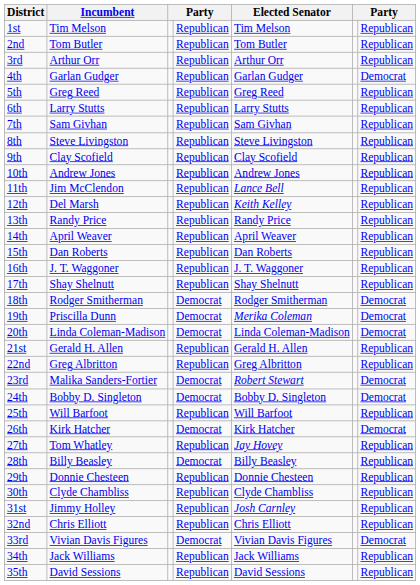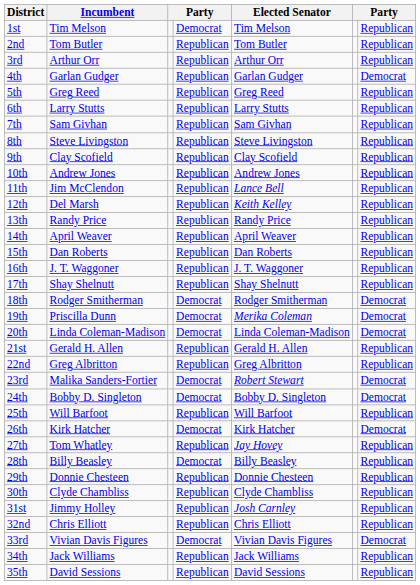 <table class="sortable wikitable" style="font-size:95%;line-height:14px;">
 <tr>
 <th colspan="1" class="unsortable">District</th>
 <th class="unsortable"><a href='#'>Incumbent</a></th>
 <th colspan="2">Party</th>
 <th class="unsortable">Elected Senator</th>
 <th colspan="2">Party</th>
 </tr>
 <tr>
 <td><a href='#'>1st</a></td>
 <td><a href='#'>Tim Melson</a></td>
 <td style="background:"></td>
-<td><a href='#'>Republican</a></td>
+<td><a href='#'>Democrat</a></td>
 <td><a href='#'>Tim Melson</a></td>
 <td style="background:"></td>
 <td><a href='#'>Republican</a></td>
 </tr>
 <tr>
 <td><a href='#'>2nd</a></td>
 <td><a href='#'>Tom Butler</a></td>
 <td style="background:"></td>
 <td><a href='#'>Republican</a></td>
 <td><a href='#'>Tom Butler</a></td>
 <td style="background:"></td>
 <td><a href='#'>Republican</a></td>
 </tr>
 <tr>
 <td><a href='#'>3rd</a></td>
 <td><a href='#'>Arthur Orr</a></td>
 <td style="background:"></td>
 <td><a href='#'>Republican</a></td>
 <td><a href='#'>Arthur Orr</a></td>
 <td style="background:"></td>
 <td><a href='#'>Republican</a></td>
 </tr>
 <tr>
 <td><a href='#'>4th</a></td>
 <td><a href='#'>Garlan Gudger</a></td>
 <td style="background:"></td>
 <td><a href='#'>Republican</a></td>
 <td><a href='#'>Garlan Gudger</a></td>
 <td style="background:"></td>
 <td><a href='#'>Democrat</a></td>
 </tr>
 <tr>
 <td><a href='#'>5th</a></td>
 <td><a href='#'>Greg Reed</a></td>
 <td style="background:"></td>
 <td><a href='#'>Republican</a></td>
 <td><a href='#'>Greg Reed</a></td>
 <td style="background:"></td>
 <td><a href='#'>Republican</a></td>
 </tr>
 <tr>
 <td><a href='#'>6th</a></td>
 <td><a href='#'>Larry Stutts</a></td>
 <td style="background:"></td>
 <td><a href='#'>Republican</a></td>
 <td><a href='#'>Larry Stutts</a></td>
 <td style="background:"></td>
 <td><a href='#'>Republican</a></td>
 </tr>
 <tr>
 <td><a href='#'>7th</a></td>
 <td><a href='#'>Sam Givhan</a></td>
 <td style="background:"></td>
 <td><a href='#'>Republican</a></td>
 <td><a href='#'>Sam Givhan</a></td>
 <td style="background:"></td>
 <td><a href='#'>Republican</a></td>
 </tr>
 <tr>
 <td><a href='#'>8th</a></td>
 <td><a href='#'>Steve Livingston</a></td>
 <td style="background:"></td>
 <td><a href='#'>Republican</a></td>
 <td><a href='#'>Steve Livingston</a></td>
 <td style="background:"></td>
 <td><a href='#'>Republican</a></td>
 </tr>
 <tr>
 <td><a href='#'>9th</a></td>
 <td><a href='#'>Clay Scofield</a></td>
 <td style="background:"></td>
 <td><a href='#'>Republican</a></td>
 <td><a href='#'>Clay Scofield</a></td>
 <td style="background:"></td>
 <td><a href='#'>Republican</a></td>
 </tr>
 <tr>
 <td><a href='#'>10th</a></td>
 <td><a href='#'>Andrew Jones</a></td>
 <td style="background:"></td>
 <td><a href='#'>Republican</a></td>
 <td><a href='#'>Andrew Jones</a></td>
 <td style="background:"></td>
 <td><a href='#'>Republican</a></td>
 </tr>
 <tr>
 <td><a href='#'>11th</a></td>
 <td><a href='#'>Jim McClendon</a></td>
 <td style="background:"></td>
 <td><a href='#'>Republican</a></td>
 <td><em><a href='#'>Lance Bell</a></em></td>
 <td style="background:"></td>
 <td><a href='#'>Republican</a></td>
 </tr>
 <tr>
 <td><a href='#'>12th</a></td>
 <td><a href='#'>Del Marsh</a></td>
 <td style="background:"></td>
 <td><a href='#'>Republican</a></td>
 <td><em><a href='#'>Keith Kelley</a></em></td>
 <td style="background:"></td>
 <td><a href='#'>Republican</a></td>
 </tr>
 <tr>
 <td><a href='#'>13th</a></td>
 <td><a href='#'>Randy Price</a></td>
 <td style="background:"></td>
 <td><a href='#'>Republican</a></td>
 <td><a href='#'>Randy Price</a></td>
 <td style="background:"></td>
 <td><a href='#'>Republican</a></td>
 </tr>
 <tr>
 <td><a href='#'>14th</a></td>
 <td><a href='#'>April Weaver</a></td>
 <td style="background:"></td>
 <td><a href='#'>Republican</a></td>
 <td><a href='#'>April Weaver</a></td>
 <td style="background:"></td>
 <td><a href='#'>Republican</a></td>
 </tr>
 <tr>
 <td><a href='#'>15th</a></td>
 <td><a href='#'>Dan Roberts</a></td>
 <td style="background:"></td>
 <td><a href='#'>Republican</a></td>
 <td><a href='#'>Dan Roberts</a></td>
 <td style="background:"></td>
 <td><a href='#'>Republican</a></td>
 </tr>
 <tr>
 <td><a href='#'>16th</a></td>
 <td><a href='#'>J. T. Waggoner</a></td>
 <td style="background:"></td>
 <td><a href='#'>Republican</a></td>
 <td><a href='#'>J. T. Waggoner</a></td>
 <td style="background:"></td>
 <td><a href='#'>Republican</a></td>
 </tr>
 <tr>
 <td><a href='#'>17th</a></td>
 <td><a href='#'>Shay Shelnutt</a></td>
 <td style="background:"></td>
 <td><a href='#'>Republican</a></td>
 <td><a href='#'>Shay Shelnutt</a></td>
 <td style="background:"></td>
 <td><a href='#'>Republican</a></td>
 </tr>
 <tr>
 <td><a href='#'>18th</a></td>
 <td><a href='#'>Rodger Smitherman</a></td>
 <td style="background:"></td>
 <td><a href='#'>Democrat</a></td>
 <td><a href='#'>Rodger Smitherman</a></td>
 <td style="background:"></td>
 <td><a href='#'>Democrat</a></td>
 </tr>
 <tr>
 <td><a href='#'>19th</a></td>
 <td><a href='#'>Priscilla Dunn</a></td>
 <td style="background:"></td>
 <td><a href='#'>Democrat</a></td>
 <td><em><a href='#'>Merika Coleman</a></em></td>
 <td style="background:"></td>
 <td><a href='#'>Democrat</a></td>
 </tr>
 <tr>
 <td><a href='#'>20th</a></td>
 <td><a href='#'>Linda Coleman-Madison</a></td>
 <td style="background:"></td>
 <td><a href='#'>Democrat</a></td>
 <td><a href='#'>Linda Coleman-Madison</a></td>
 <td style="background:"></td>
 <td><a href='#'>Democrat</a></td>
 </tr>
 <tr>
 <td><a href='#'>21st</a></td>
 <td><a href='#'>Gerald H. Allen</a></td>
 <td style="background:"></td>
 <td><a href='#'>Republican</a></td>
 <td><a href='#'>Gerald H. Allen</a></td>
 <td style="background:"></td>
 <td><a href='#'>Republican</a></td>
 </tr>
 <tr>
 <td><a href='#'>22nd</a></td>
 <td><a href='#'>Greg Albritton</a></td>
 <td style="background:"></td>
 <td><a href='#'>Republican</a></td>
 <td><a href='#'>Greg Albritton</a></td>
 <td style="background:"></td>
 <td><a href='#'>Republican</a></td>
 </tr>
 <tr>
 <td><a href='#'>23rd</a></td>
 <td><a href='#'>Malika Sanders-Fortier</a></td>
 <td style="background:"></td>
 <td><a href='#'>Democrat</a></td>
 <td><em><a href='#'>Robert Stewart</a></em></td>
 <td style="background:"></td>
 <td><a href='#'>Democrat</a></td>
 </tr>
 <tr>
 <td><a href='#'>24th</a></td>
 <td><a href='#'>Bobby D. Singleton</a></td>
 <td style="background:"></td>
 <td><a href='#'>Democrat</a></td>
 <td><a href='#'>Bobby D. Singleton</a></td>
 <td style="background:"></td>
 <td><a href='#'>Democrat</a></td>
 </tr>
 <tr>
 <td><a href='#'>25th</a></td>
 <td><a href='#'>Will Barfoot</a></td>
 <td style="background:"></td>
 <td><a href='#'>Republican</a></td>
 <td><a href='#'>Will Barfoot</a></td>
 <td style="background:"></td>
 <td><a href='#'>Republican</a></td>
 </tr>
 <tr>
 <td><a href='#'>26th</a></td>
 <td><a href='#'>Kirk Hatcher</a></td>
 <td style="background:"></td>
 <td><a href='#'>Democrat</a></td>
 <td><a href='#'>Kirk Hatcher</a></td>
 <td style="background:"></td>
 <td><a href='#'>Democrat</a></td>
 </tr>
 <tr>
 <td><a href='#'>27th</a></td>
 <td><a href='#'>Tom Whatley</a></td>
 <td style="background:"></td>
 <td><a href='#'>Republican</a></td>
 <td><em><a href='#'>Jay Hovey</a></em></td>
 <td style="background:"></td>
 <td><a href='#'>Republican</a></td>
 </tr>
 <tr>
 <td><a href='#'>28th</a></td>
 <td><a href='#'>Billy Beasley</a></td>
 <td style="background:"></td>
 <td><a href='#'>Democrat</a></td>
 <td><a href='#'>Billy Beasley</a></td>
 <td style="background:"></td>
 <td><a href='#'>Republican</a></td>
 </tr>
 <tr>
 <td><a href='#'>29th</a></td>
 <td><a href='#'>Donnie Chesteen</a></td>
 <td style="background:"></td>
 <td><a href='#'>Republican</a></td>
 <td><a href='#'>Donnie Chesteen</a></td>
 <td style="background:"></td>
 <td><a href='#'>Republican</a></td>
 </tr>
 <tr>
 <td><a href='#'>30th</a></td>
 <td><a href='#'>Clyde Chambliss</a></td>
 <td style="background:"></td>
 <td><a href='#'>Republican</a></td>
 <td><a href='#'>Clyde Chambliss</a></td>
 <td style="background:"></td>
 <td><a href='#'>Republican</a></td>
 </tr>
 <tr>
 <td><a href='#'>31st</a></td>
 <td><a href='#'>Jimmy Holley</a></td>
 <td style="background:"></td>
 <td><a href='#'>Republican</a></td>
 <td><em><a href='#'>Josh Carnley</a></em></td>
 <td style="background:"></td>
 <td><a href='#'>Republican</a></td>
 </tr>
 <tr>
 <td><a href='#'>32nd</a></td>
 <td><a href='#'>Chris Elliott</a></td>
 <td style="background:"></td>
 <td><a href='#'>Republican</a></td>
 <td><a href='#'>Chris Elliott</a></td>
 <td style="background:"></td>
 <td><a href='#'>Republican</a></td>
 </tr>
 <tr>
 <td><a href='#'>33rd</a></td>
 <td><a href='#'>Vivian Davis Figures</a></td>
 <td style="background:"></td>
 <td><a href='#'>Democrat</a></td>
 <td><a href='#'>Vivian Davis Figures</a></td>
 <td style="background:"></td>
 <td><a href='#'>Democrat</a></td>
 </tr>
 <tr>
 <td><a href='#'>34th</a></td>
 <td><a href='#'>Jack Williams</a></td>
 <td style="background:"></td>
 <td><a href='#'>Republican</a></td>
 <td><a href='#'>Jack Williams</a></td>
 <td style="background:"></td>
 <td><a href='#'>Republican</a></td>
 </tr>
 <tr>
 <td><a href='#'>35th</a></td>
 <td><a href='#'>David Sessions</a></td>
 <td style="background:"></td>
 <td><a href='#'>Republican</a></td>
 <td><a href='#'>David Sessions</a></td>
 <td style="background:"></td>
 <td><a href='#'>Republican</a></td>
 </tr>
 </table>
